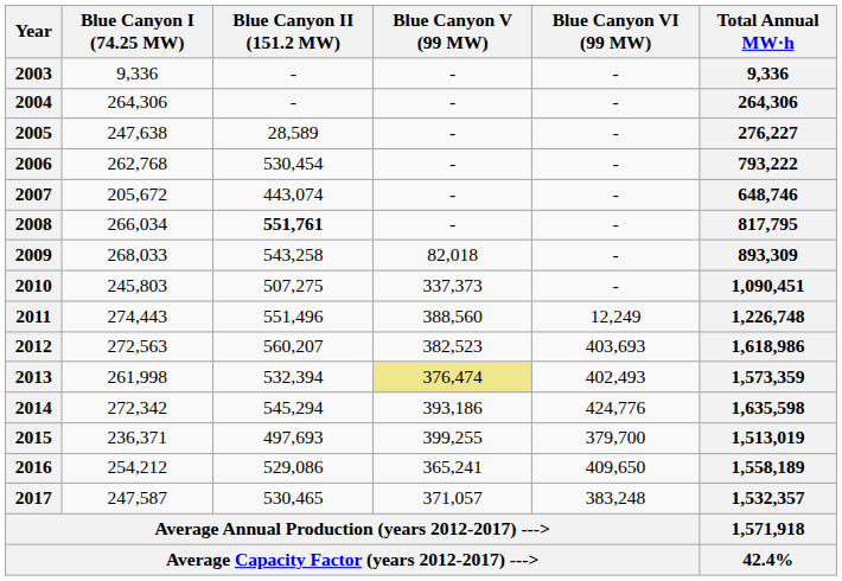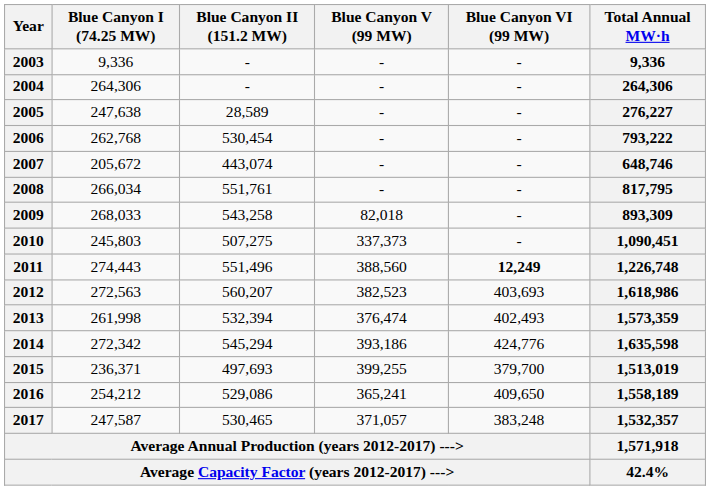 <table class=wikitable style="text-align:center; font-size:0.9em; width:650px;">
 <tr>
 <th>Year</th>
 <th>Blue Canyon I<br>(74.25 MW) </th>
 <th>Blue Canyon II<br>(151.2 MW) </th>
 <th>Blue Canyon V<br>(99 MW) </th>
 <th>Blue Canyon VI<br>(99 MW) </th>
 <th>Total Annual<br><a href='#'>MW·h</a></th>
 </tr>
 <tr>
 <th>2003</th>
 <td>9,336</td>
 <td>-</td>
 <td>-</td>
 <td>-</td>
 <th>9,336</th>
 </tr>
 <tr>
 <th>2004</th>
 <td>264,306</td>
 <td>-</td>
 <td>-</td>
 <td>-</td>
 <th>264,306</th>
 </tr>
 <tr>
 <th>2005</th>
 <td>247,638</td>
 <td>28,589</td>
 <td>-</td>
 <td>-</td>
 <th>276,227</th>
 </tr>
 <tr>
 <th>2006</th>
 <td>262,768</td>
 <td>530,454</td>
 <td>-</td>
 <td>-</td>
 <th>793,222</th>
 </tr>
 <tr>
 <th>2007</th>
 <td>205,672</td>
 <td>443,074</td>
 <td>-</td>
 <td>-</td>
 <th>648,746</th>
 </tr>
 <tr>
 <th>2008</th>
 <td>266,034</td>
-<td><strong>551,761</strong></td>
+<td>551,761</td>
 <td>-</td>
 <td>-</td>
 <th>817,795</th>
 </tr>
 <tr>
 <th>2009</th>
 <td>268,033</td>
 <td>543,258</td>
 <td>82,018</td>
 <td>-</td>
 <th>893,309</th>
 </tr>
 <tr>
 <th>2010</th>
 <td>245,803</td>
 <td>507,275</td>
 <td>337,373</td>
 <td>-</td>
 <th>1,090,451</th>
 </tr>
 <tr>
 <th>2011</th>
 <td>274,443</td>
 <td>551,496</td>
 <td>388,560</td>
-<td>12,249</td>
+<td><strong>12,249</strong></td>
 <th>1,226,748</th>
 </tr>
 <tr>
 <th>2012</th>
 <td>272,563</td>
 <td>560,207</td>
 <td>382,523</td>
 <td>403,693</td>
 <th>1,618,986</th>
 </tr>
 <tr>
 <th>2013</th>
 <td>261,998</td>
 <td>532,394</td>
-<td style="background: khaki;">376,474</td>
+<td>376,474</td>
 <td>402,493</td>
 <th>1,573,359</th>
 </tr>
 <tr>
 <th>2014</th>
 <td>272,342</td>
 <td>545,294</td>
 <td>393,186</td>
 <td>424,776</td>
 <th>1,635,598</th>
 </tr>
 <tr>
 <th>2015</th>
 <td>236,371</td>
 <td>497,693</td>
 <td>399,255</td>
 <td>379,700</td>
 <th>1,513,019</th>
 </tr>
 <tr>
 <th>2016</th>
 <td>254,212</td>
 <td>529,086</td>
 <td>365,241</td>
 <td>409,650</td>
 <th>1,558,189</th>
 </tr>
 <tr>
 <th>2017</th>
 <td>247,587</td>
 <td>530,465</td>
 <td>371,057</td>
 <td>383,248</td>
 <th>1,532,357</th>
 </tr>
 <tr>
 <th colspan=5>Average Annual Production (years 2012-2017) ---></th>
 <th>1,571,918</th>
 </tr>
 <tr>
 <th colspan=5>Average <a href='#'>Capacity Factor</a> (years 2012-2017) ---></th>
 <th>42.4%</th>
 </tr>
 </table>
